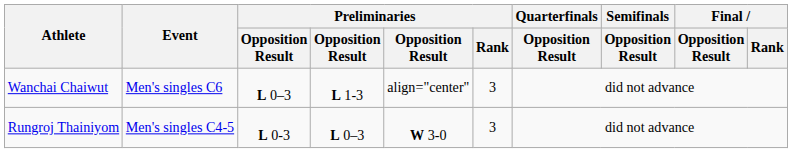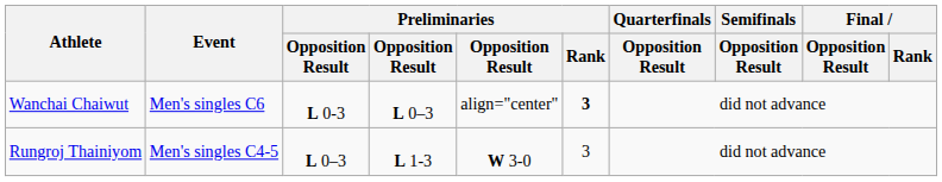 <table class=wikitable style="font-size:90%">
 <tr>
 <th rowspan="2">Athlete</th>
 <th rowspan="2">Event</th>
 <th colspan="4">Preliminaries</th>
 <th>Quarterfinals</th>
 <th>Semifinals</th>
 <th colspan="2">Final / </th>
 </tr>
 <tr>
 <th>Opposition<br>Result</th>
 <th>Opposition<br>Result</th>
 <th>Opposition<br>Result</th>
 <th>Rank</th>
 <th>Opposition<br>Result</th>
 <th>Opposition<br>Result</th>
 <th>Opposition<br>Result</th>
 <th>Rank</th>
 </tr>
 <tr>
 <td><a href='#'>Wanchai Chaiwut</a></td>
 <td><a href='#'>Men's singles C6</a></td>
+<td align="center"><br><strong>L</strong> 0-3</td>
 <td align="center"><br><strong>L</strong> 0–3</td>
-<td align="center"><br><strong>L</strong> 1-3</td>
 <td>align="center" </td>
-<td align="center">3</td>
+<td align="center"><strong>3</strong></td>
 <td align="center" colspan="4">did not advance</td>
 </tr>
 <tr>
 <td><a href='#'>Rungroj Thainiyom</a></td>
 <td><a href='#'>Men's singles C4-5</a></td>
-<td align="center"><br><strong>L</strong> 0-3</td>
 <td align="center"><br><strong>L</strong> 0–3</td>
+<td align="center"><br><strong>L</strong> 1-3</td>
 <td align="center"><br><strong>W</strong> 3-0</td>
 <td align="center">3</td>
 <td align="center" colspan="4">did not advance</td>
 </tr>
 </table>
